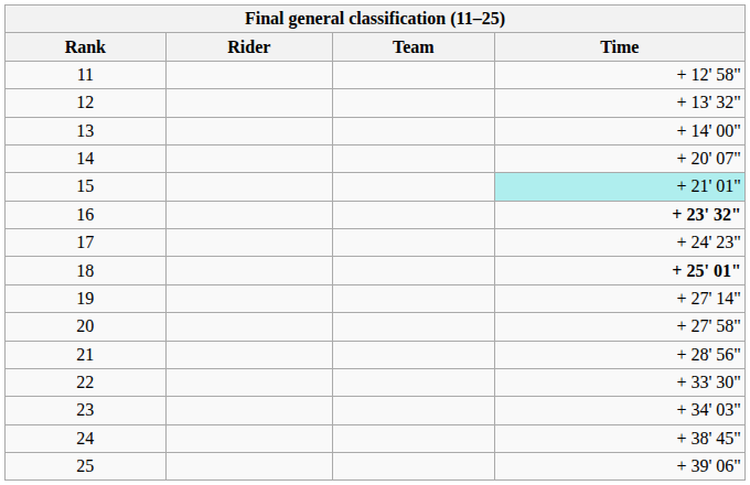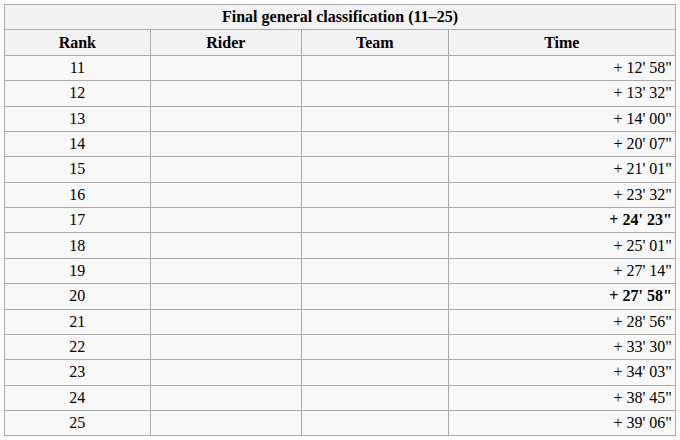 <table class="collapsible collapsed wikitable" style="width:42em;margin-top:-1px;">
 <tr>
 <th scope="col" colspan="4">Final general classification (11–25)</th>
 </tr>
 <tr>
 <th scope="col">Rank</th>
 <th scope="col">Rider</th>
 <th scope="col">Team</th>
 <th scope="col">Time</th>
 </tr>
 <tr>
 <td style="text-align:center;">11</td>
 <td></td>
 <td></td>
 <td style="text-align:right;">+ 12' 58"</td>
 </tr>
 <tr>
 <td style="text-align:center;">12</td>
 <td></td>
 <td></td>
 <td style="text-align:right;">+ 13' 32"</td>
 </tr>
 <tr>
 <td style="text-align:center;">13</td>
 <td></td>
 <td></td>
 <td style="text-align:right;">+ 14' 00"</td>
 </tr>
 <tr>
 <td style="text-align:center;">14</td>
 <td></td>
 <td></td>
 <td style="text-align:right;">+ 20' 07"</td>
 </tr>
 <tr>
 <td style="text-align:center;">15</td>
 <td></td>
 <td></td>
-<td style="background: paleturquoise; text-align:right;">+ 21' 01"</td>
+<td style="text-align:right;">+ 21' 01"</td>
 </tr>
 <tr>
 <td style="text-align:center;">16</td>
 <td></td>
 <td></td>
-<td style="text-align:right;"><strong>+ 23' 32"</strong></td>
+<td style="text-align:right;">+ 23' 32"</td>
 </tr>
 <tr>
 <td style="text-align:center;">17</td>
 <td>   </td>
 <td></td>
-<td style="text-align:right;">+ 24' 23"</td>
+<td style="text-align:right;"><strong>+ 24' 23"</strong></td>
 </tr>
 <tr>
 <td style="text-align:center;">18</td>
 <td></td>
 <td></td>
-<td style="text-align:right;"><strong>+ 25' 01"</strong></td>
+<td style="text-align:right;">+ 25' 01"</td>
 </tr>
 <tr>
 <td style="text-align:center;">19</td>
 <td></td>
 <td></td>
 <td style="text-align:right;">+ 27' 14"</td>
 </tr>
 <tr>
 <td style="text-align:center;">20</td>
 <td></td>
 <td></td>
-<td style="text-align:right;">+ 27' 58"</td>
+<td style="text-align:right;"><strong>+ 27' 58"</strong></td>
 </tr>
 <tr>
 <td style="text-align:center;">21</td>
 <td></td>
 <td></td>
 <td style="text-align:right;">+ 28' 56"</td>
 </tr>
 <tr>
 <td style="text-align:center;">22</td>
 <td></td>
 <td></td>
 <td style="text-align:right;">+ 33' 30"</td>
 </tr>
 <tr>
 <td style="text-align:center;">23</td>
 <td></td>
 <td></td>
 <td style="text-align:right;">+ 34' 03"</td>
 </tr>
 <tr>
 <td style="text-align:center;">24</td>
 <td></td>
 <td></td>
 <td style="text-align:right;">+ 38' 45"</td>
 </tr>
 <tr>
 <td style="text-align:center;">25</td>
 <td></td>
 <td></td>
 <td style="text-align:right;">+ 39' 06"</td>
 </tr>
 <tr>
 </tr>
 </table>
